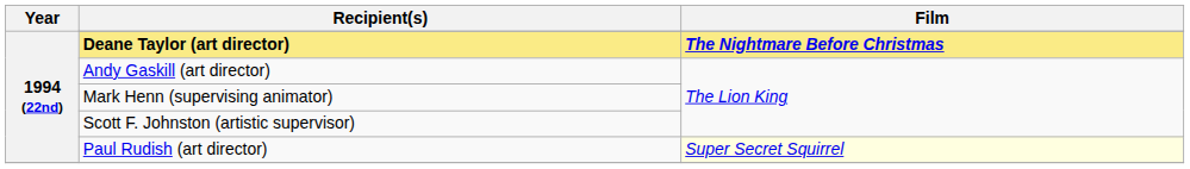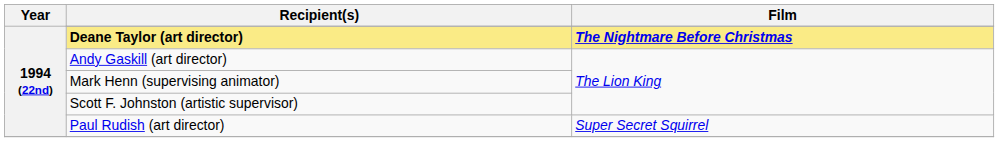 <table class="wikitable" style="width:90%;">
 <tr>
 <th style="width:3%;">Year</th>
 <th style="width:30%;">Recipient(s)</th>
 <th style="width:25%;">Film</th>
 </tr>
 <tr>
 <th rowspan="6" style="text-align:center;">1994 <br><small>(<a href='#'>22nd</a>)</small><br></th>
 </tr>
 <tr>
 <td style="background:#FAEB86;"><strong>Deane Taylor (art director)</strong></td>
 <td style="background:#FAEB86;"><strong><em><a href='#'>The Nightmare Before Christmas</a></em></strong></td>
 </tr>
 <tr>
 <td><a href='#'>Andy Gaskill</a> (art director)</td>
 <td rowspan="3"><em><a href='#'>The Lion King</a></em></td>
 </tr>
 <tr>
 <td>Mark Henn (supervising animator)</td>
 </tr>
 <tr>
 <td>Scott F. Johnston (artistic supervisor)</td>
 </tr>
 <tr>
 <td><a href='#'>Paul Rudish</a> (art director)</td>
-<td style="background: lightyellow;"><em><a href='#'>Super Secret Squirrel</a></em></td>
+<td><em><a href='#'>Super Secret Squirrel</a></em></td>
 </tr>
 <tr>
 </tr>
 </table>
